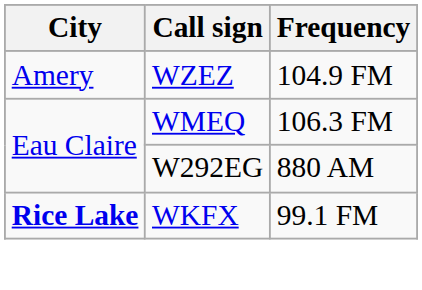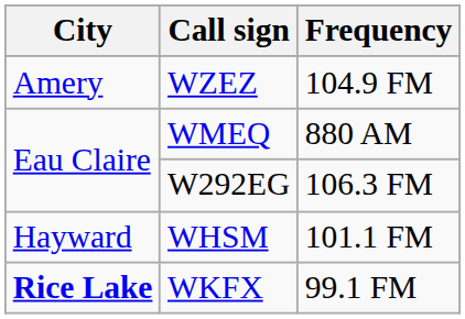 <table class="wikitable">
 <tr>
 <th>City</th>
 <th>Call sign</th>
 <th>Frequency</th>
 </tr>
 <tr>
 <td><a href='#'>Amery</a></td>
 <td><a href='#'>WZEZ</a></td>
 <td>104.9 FM</td>
 </tr>
 <tr>
 <td rowspan="2"><a href='#'>Eau Claire</a></td>
 <td><a href='#'>WMEQ</a></td>
+<td>880 AM</td>
+</tr>
+<tr>
+<td>W292EG</td>
 <td>106.3 FM</td>
 </tr>
 <tr>
-<td>W292EG</td>
-<td>880 AM</td>
+<td><a href='#'>Hayward</a></td>
+<td><a href='#'>WHSM</a></td>
+<td>101.1 FM</td>
 </tr>
 <tr>
 <td><strong><a href='#'>Rice Lake</a></strong></td>
 <td><a href='#'>WKFX</a></td>
 <td>99.1 FM</td>
 </tr>
 </table>
